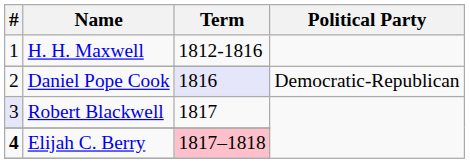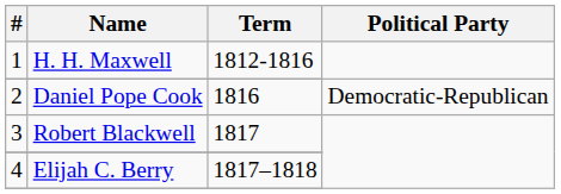 <table class="wikitable" border="1">
 <tr>
 <th>#</th>
 <th>Name</th>
 <th>Term</th>
 <th>Political Party</th>
 </tr>
 <tr>
 <td>1</td>
 <td><a href='#'>H. H. Maxwell</a></td>
 <td>1812-1816</td>
 </tr>
 <tr>
 </tr>
 <tr>
 <td>2</td>
 <td><a href='#'>Daniel Pope Cook</a></td>
-<td style="background: lavender;">1816</td>
+<td>1816</td>
 <td>Democratic-Republican</td>
 </tr>
 <tr>
-<td style="background: lavender;">3</td>
+<td>3</td>
 <td><a href='#'>Robert Blackwell</a></td>
 <td>1817</td>
 </tr>
 <tr>
 </tr>
 <tr>
-<td><strong>4</strong></td>
+<td>4</td>
 <td><a href='#'>Elijah C. Berry</a></td>
-<td style="background: pink;">1817–1818</td>
+<td>1817–1818</td>
 </tr>
 <tr Democratic-Republican>
 </tr>
 <tr>
 </tr>
 </table>
